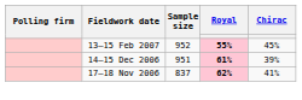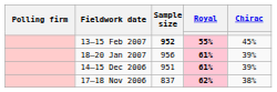 <table class="wikitable sortable" style="text-align:center;font-size:90%;line-height:14px;">
 <tr style="height:40px;">
 <th style="width:100px;" rowspan="2">Polling firm</th>
 <th style="width:110px;" rowspan="2">Fieldwork date</th>
 <th style="width:35px;" rowspan="2">Sample<br>size</th>
 <th class="unsortable" style="width:60px;"><a href='#'>Royal</a><br></th>
 <th class="unsortable" style="width:60px;"><a href='#'>Chirac</a><br></th>
 </tr>
 <tr>
 <th style="background:"></th>
 <th style="background:"></th>
 </tr>
 <tr>
 <td style="background:#FFCCCC;"></td>
 <td data-sort-value="2007-02-15">13–15 Feb 2007</td>
-<td>952</td>
+<td><strong>952</strong></td>
 <td style="background:#FFC6D5;"><strong>55%</strong></td>
 <td>45%</td>
+</tr>
+<tr>
+<td style="background:#FFCCCC;"></td>
+<td data-sort-value="2007-01-20">18–20 Jan 2007</td>
+<td>956</td>
+<td style="background:#FFC6D5;"><strong>61%</strong></td>
+<td>39%</td>
 </tr>
 <tr>
 <td style="background:#FFCCCC;"></td>
 <td data-sort-value="2006-12-15">14–15 Dec 2006</td>
 <td>951</td>
 <td style="background:#FFC6D5;"><strong>61%</strong></td>
 <td>39%</td>
 </tr>
 <tr>
 <td style="background:#FFCCCC;"></td>
 <td data-sort-value="2006-11-18">17–18 Nov 2006</td>
 <td>837</td>
 <td style="background:#FFC6D5;"><strong>62%</strong></td>
-<td>41%</td>
+<td>38%</td>
 </tr>
 </table>
